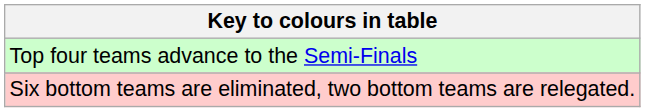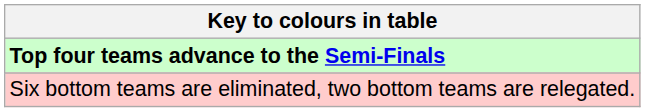 <table class="wikitable">
 <tr>
 <th>Key to colours in table</th>
 </tr>
 <tr bgcolor=#ccffcc>
-<td>Top four teams advance to the <a href='#'>Semi-Finals</a></td>
+<td><strong>Top four teams advance to the <a href='#'>Semi-Finals</a></strong></td>
 </tr>
 <tr bgcolor=#FFCCCC>
 <td>Six bottom teams are eliminated, two bottom teams are relegated.</td>
 </tr>
 </table>
